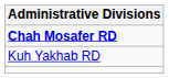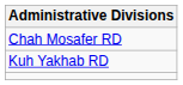 <table class="wikitable">
 <tr>
 <th>Administrative Divisions</th>
 </tr>
 <tr>
-<td><strong><a href='#'>Chah Mosafer RD</a></strong></td>
+<td><a href='#'>Chah Mosafer RD</a></td>
 </tr>
 <tr>
 <td><a href='#'>Kuh Yakhab RD</a></td>
 </tr>
 <tr>
 <td colspan=1></td>
 </tr>
 </table>
